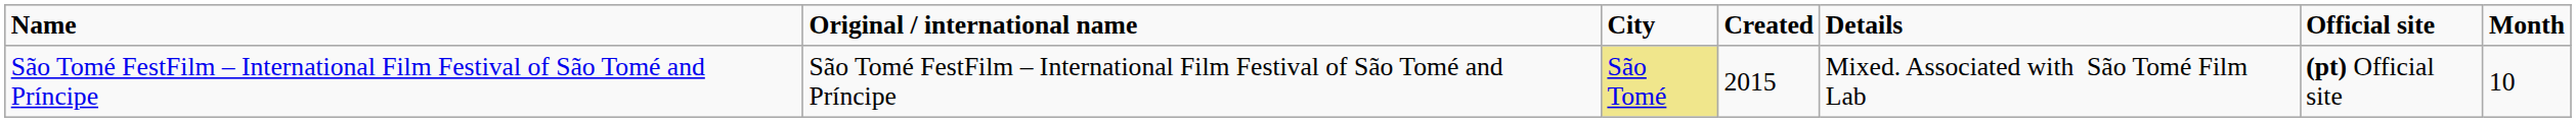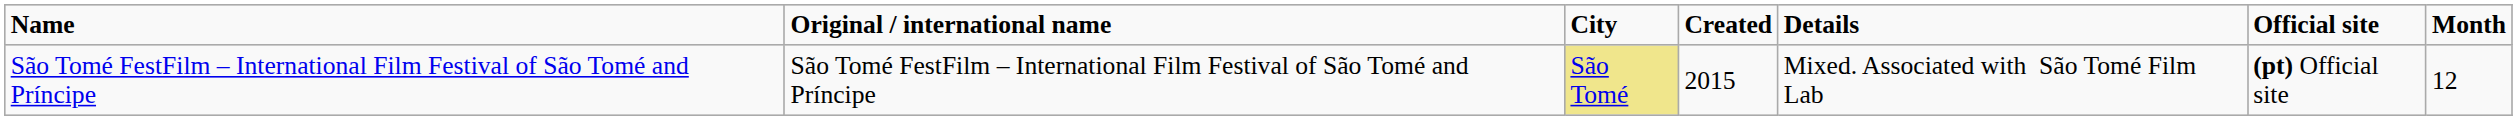 <table class="wikitable">
 <tr>
 <td><strong>Name</strong></td>
 <td><strong>Original / international name</strong></td>
 <td><strong>City</strong></td>
 <td><strong>Created</strong></td>
 <td><strong>Details</strong></td>
 <td><strong>Official site</strong></td>
 <td><strong>Month</strong></td>
 </tr>
 <tr>
 <td><a href='#'>São Tomé FestFilm – International Film Festival of São Tomé and Príncipe</a></td>
 <td>São Tomé FestFilm – International Film Festival of São Tomé and Príncipe</td>
 <td style="background: khaki;"><a href='#'>São Tomé</a></td>
 <td>2015</td>
 <td>Mixed. Associated with  São Tomé Film Lab</td>
 <td><strong>(pt)</strong> Official site</td>
-<td>10</td>
+<td>12</td>
 </tr>
 </table>
